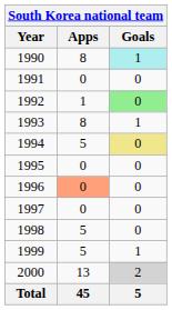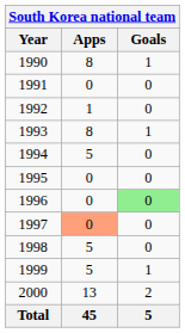 <table class="wikitable" style="text-align:center">
 <tr>
 <th colspan=3><a href='#'>South Korea national team</a></th>
 </tr>
 <tr>
 <th>Year</th>
 <th>Apps</th>
 <th>Goals</th>
 </tr>
 <tr>
 <td>1990</td>
 <td>8</td>
-<td style="background: paleturquoise;">1</td>
+<td>1</td>
 </tr>
 <tr>
 <td>1991</td>
 <td>0</td>
 <td>0</td>
 </tr>
 <tr>
 <td>1992</td>
 <td>1</td>
-<td style="background: lightgreen;">0</td>
+<td>0</td>
 </tr>
 <tr>
 <td>1993</td>
 <td>8</td>
 <td>1</td>
 </tr>
 <tr>
 <td>1994</td>
 <td>5</td>
-<td style="background: khaki;">0</td>
+<td>0</td>
 </tr>
 <tr>
 <td>1995</td>
 <td>0</td>
 <td>0</td>
 </tr>
 <tr>
 <td>1996</td>
-<td style="background: lightsalmon;">0</td>
 <td>0</td>
+<td style="background: lightgreen;">0</td>
 </tr>
 <tr>
 <td>1997</td>
-<td>0</td>
+<td style="background: lightsalmon;">0</td>
 <td>0</td>
 </tr>
 <tr>
 <td>1998</td>
 <td>5</td>
 <td>0</td>
 </tr>
 <tr>
 <td>1999</td>
 <td>5</td>
 <td>1</td>
 </tr>
 <tr>
 <td>2000</td>
 <td>13</td>
-<td style="background: lightgrey;">2</td>
+<td>2</td>
 </tr>
 <tr>
 <th>Total</th>
 <th>45</th>
 <th>5</th>
 </tr>
 </table>
